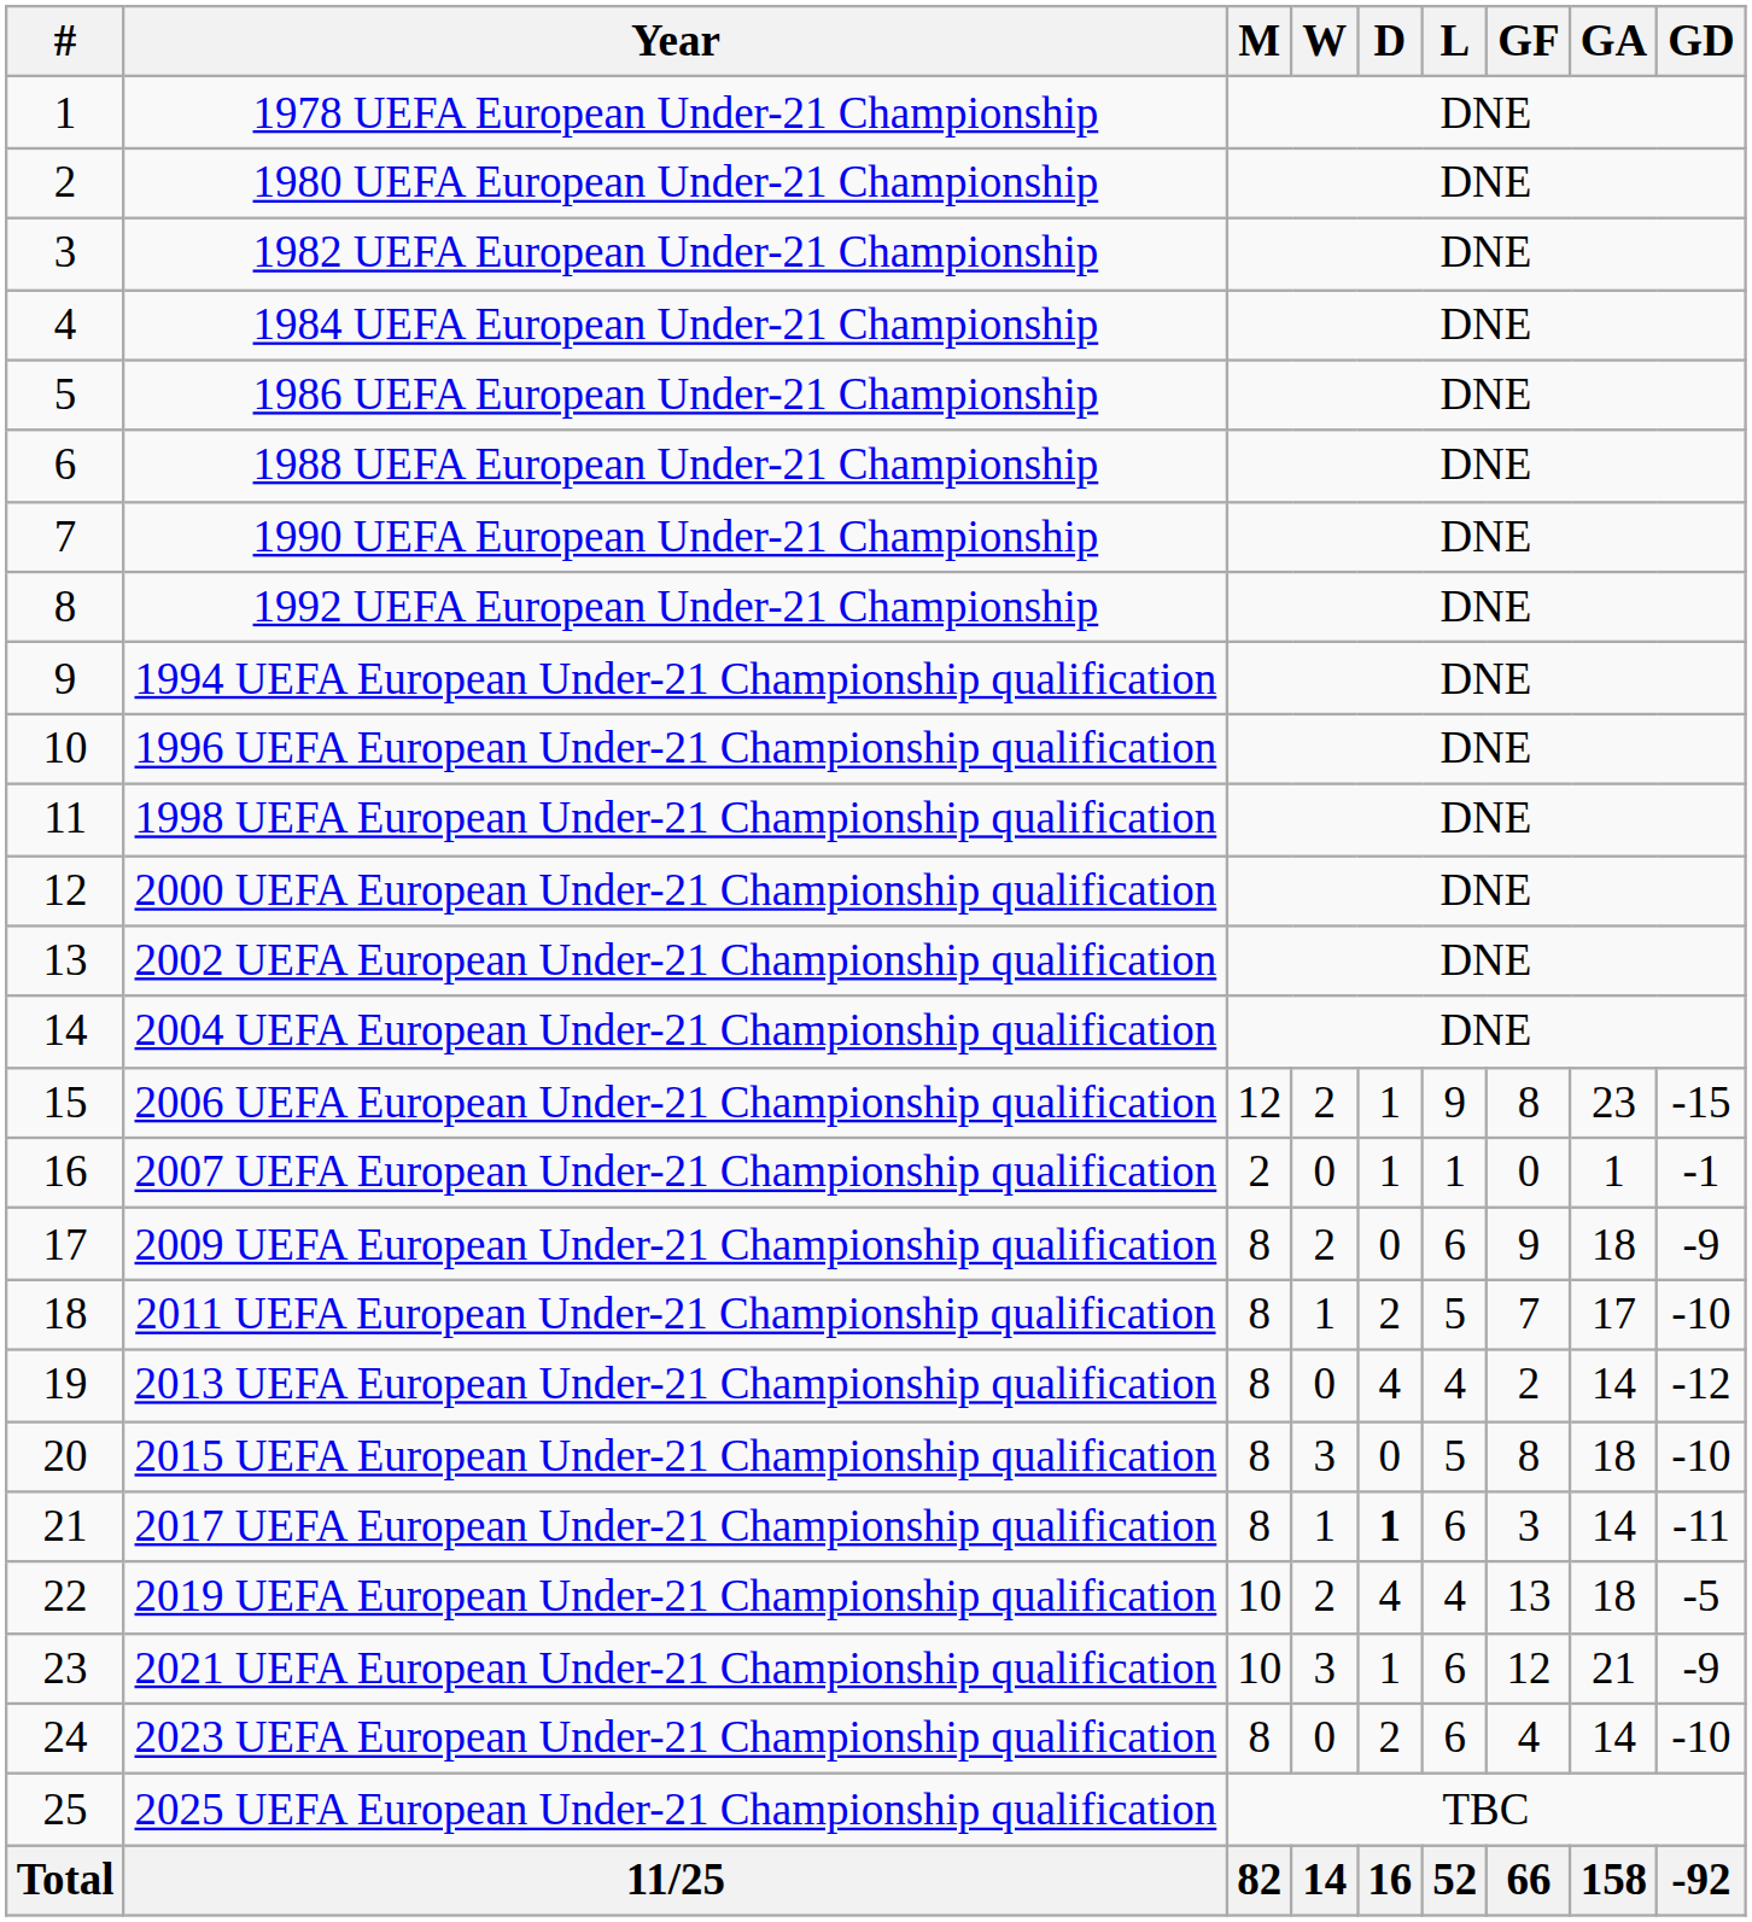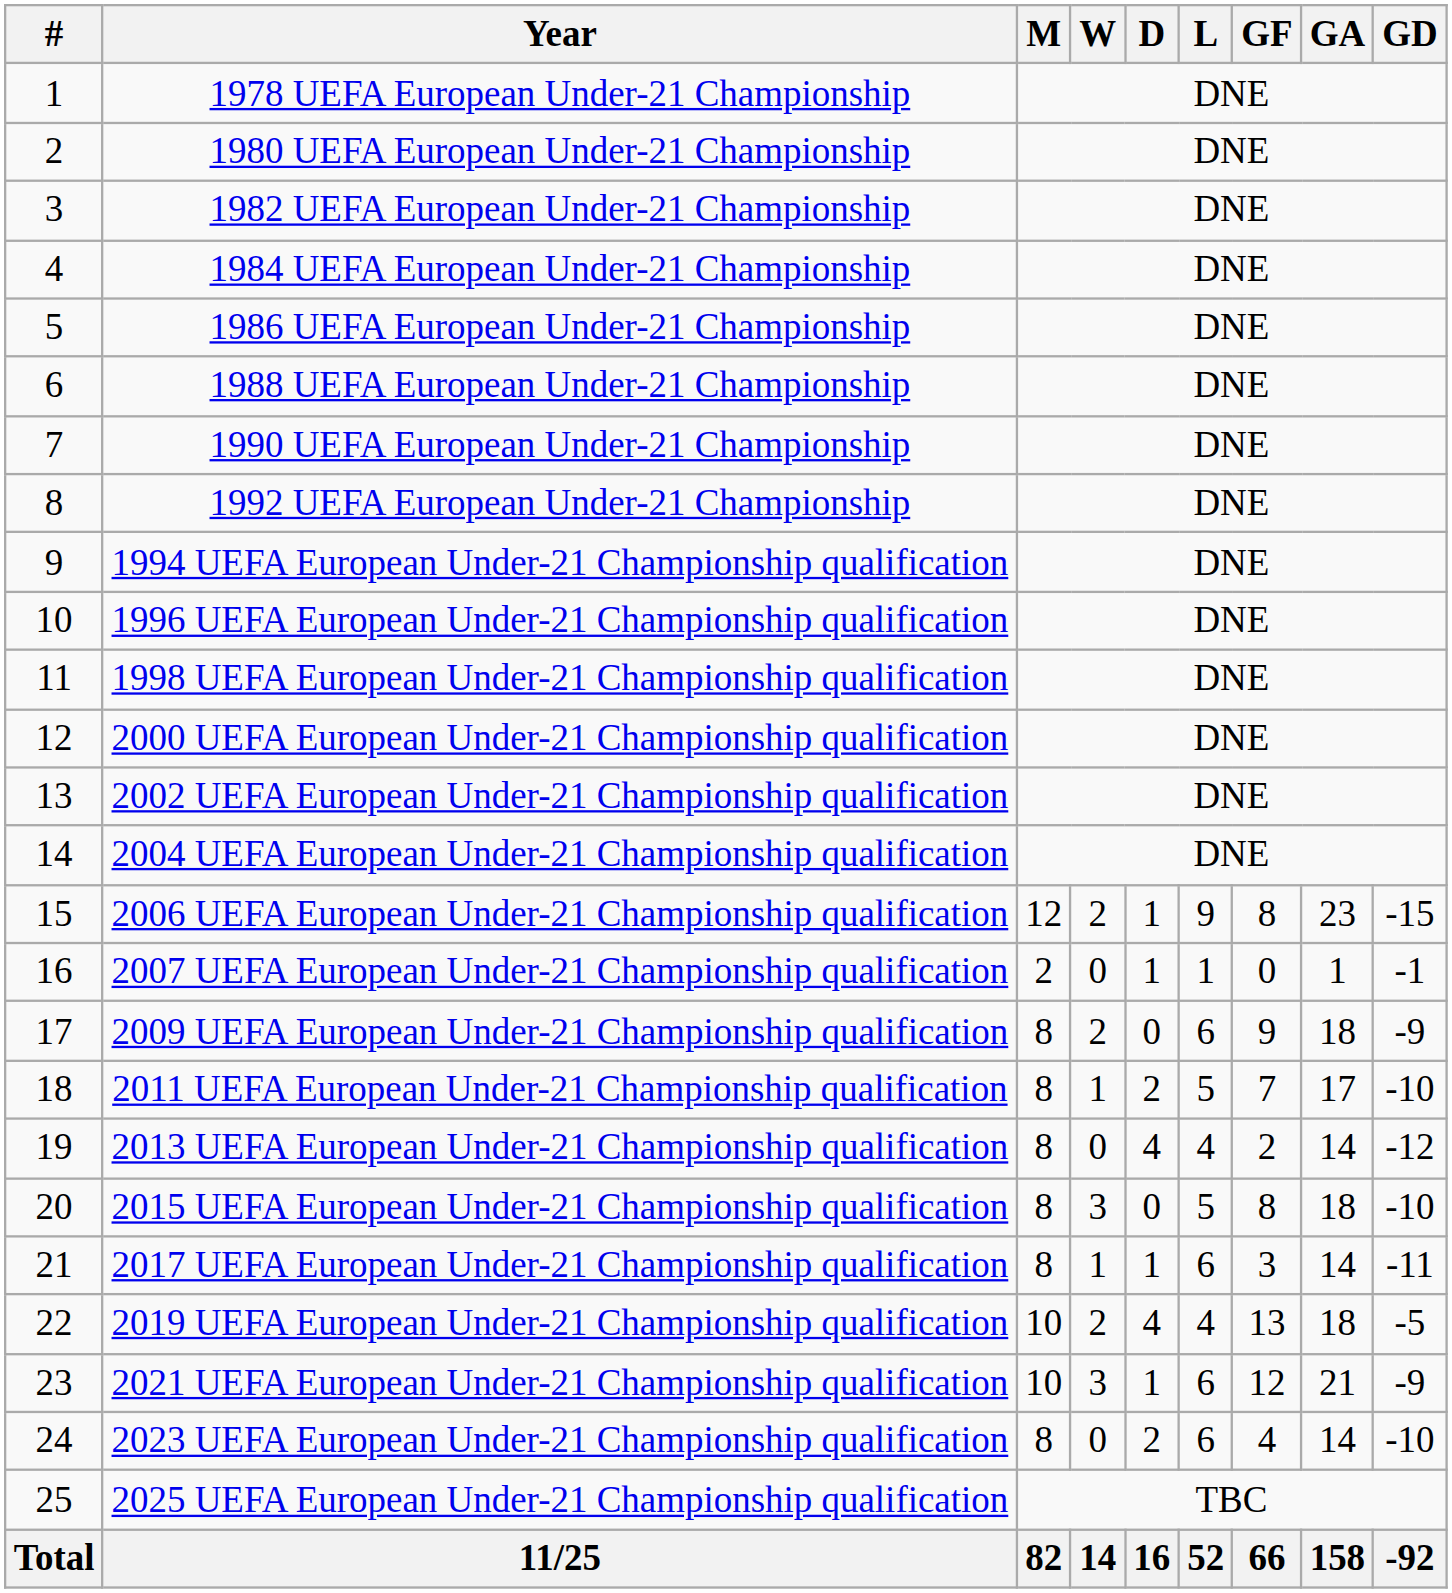 <table class="wikitable sortable" style="text-align:center">
 <tr>
 <th>#</th>
 <th>Year</th>
 <th>M</th>
 <th>W</th>
 <th>D</th>
 <th>L</th>
 <th>GF</th>
 <th>GA</th>
 <th>GD</th>
 </tr>
 <tr>
 <td>1</td>
 <td><a href='#'>1978 UEFA European Under-21 Championship</a></td>
 <td colspan=7>DNE</td>
 </tr>
 <tr>
 <td>2</td>
 <td><a href='#'>1980 UEFA European Under-21 Championship</a></td>
 <td colspan=7>DNE</td>
 </tr>
 <tr>
 <td>3</td>
 <td><a href='#'>1982 UEFA European Under-21 Championship</a></td>
 <td colspan=7>DNE</td>
 </tr>
 <tr>
 <td>4</td>
 <td><a href='#'>1984 UEFA European Under-21 Championship</a></td>
 <td colspan=7>DNE</td>
 </tr>
 <tr>
 <td>5</td>
 <td><a href='#'>1986 UEFA European Under-21 Championship</a></td>
 <td colspan=7>DNE</td>
 </tr>
 <tr>
 <td>6</td>
 <td><a href='#'>1988 UEFA European Under-21 Championship</a></td>
 <td colspan=7>DNE</td>
 </tr>
 <tr>
 <td>7</td>
 <td><a href='#'>1990 UEFA European Under-21 Championship</a></td>
 <td colspan=7>DNE</td>
 </tr>
 <tr>
 <td>8</td>
 <td><a href='#'>1992 UEFA European Under-21 Championship</a></td>
 <td colspan=7>DNE</td>
 </tr>
 <tr>
 <td>9</td>
 <td><a href='#'>1994 UEFA European Under-21 Championship qualification</a></td>
 <td colspan=7>DNE</td>
 </tr>
 <tr>
 <td>10</td>
 <td><a href='#'>1996 UEFA European Under-21 Championship qualification</a></td>
 <td colspan=7>DNE</td>
 </tr>
 <tr>
 <td>11</td>
 <td><a href='#'>1998 UEFA European Under-21 Championship qualification</a></td>
 <td colspan=7>DNE</td>
 </tr>
 <tr>
 <td>12</td>
 <td><a href='#'>2000 UEFA European Under-21 Championship qualification</a></td>
 <td colspan=7>DNE</td>
 </tr>
 <tr>
 <td>13</td>
 <td><a href='#'>2002 UEFA European Under-21 Championship qualification</a></td>
 <td colspan=7>DNE</td>
 </tr>
 <tr>
 <td>14</td>
 <td><a href='#'>2004 UEFA European Under-21 Championship qualification</a></td>
 <td colspan=7>DNE</td>
 </tr>
 <tr>
 <td>15</td>
 <td><a href='#'>2006 UEFA European Under-21 Championship qualification</a></td>
 <td>12</td>
 <td>2</td>
 <td>1</td>
 <td>9</td>
 <td>8</td>
 <td>23</td>
 <td>-15</td>
 </tr>
 <tr>
 <td>16</td>
 <td><a href='#'>2007 UEFA European Under-21 Championship qualification</a></td>
 <td>2</td>
 <td>0</td>
 <td>1</td>
 <td>1</td>
 <td>0</td>
 <td>1</td>
 <td>-1</td>
 </tr>
 <tr>
 <td>17</td>
 <td><a href='#'>2009 UEFA European Under-21 Championship qualification</a></td>
 <td>8</td>
 <td>2</td>
 <td>0</td>
 <td>6</td>
 <td>9</td>
 <td>18</td>
 <td>-9</td>
 </tr>
 <tr>
 <td>18</td>
 <td><a href='#'>2011 UEFA European Under-21 Championship qualification</a></td>
 <td>8</td>
 <td>1</td>
 <td>2</td>
 <td>5</td>
 <td>7</td>
 <td>17</td>
 <td>-10</td>
 </tr>
 <tr>
 <td>19</td>
 <td><a href='#'>2013 UEFA European Under-21 Championship qualification</a></td>
 <td>8</td>
 <td>0</td>
 <td>4</td>
 <td>4</td>
 <td>2</td>
 <td>14</td>
 <td>-12</td>
 </tr>
 <tr>
 <td>20</td>
 <td><a href='#'>2015 UEFA European Under-21 Championship qualification</a></td>
 <td>8</td>
 <td>3</td>
 <td>0</td>
 <td>5</td>
 <td>8</td>
 <td>18</td>
 <td>-10</td>
 </tr>
 <tr>
 <td>21</td>
 <td><a href='#'>2017 UEFA European Under-21 Championship qualification</a></td>
 <td>8</td>
 <td>1</td>
-<td><strong>1</strong></td>
+<td>1</td>
 <td>6</td>
 <td>3</td>
 <td>14</td>
 <td>-11</td>
 </tr>
 <tr>
 <td>22</td>
 <td><a href='#'>2019 UEFA European Under-21 Championship qualification</a></td>
 <td>10</td>
 <td>2</td>
 <td>4</td>
 <td>4</td>
 <td>13</td>
 <td>18</td>
 <td>-5</td>
 </tr>
 <tr>
 <td>23</td>
 <td><a href='#'>2021 UEFA European Under-21 Championship qualification</a></td>
 <td>10</td>
 <td>3</td>
 <td>1</td>
 <td>6</td>
 <td>12</td>
 <td>21</td>
 <td>-9</td>
 </tr>
 <tr>
 <td>24</td>
 <td><a href='#'>2023 UEFA European Under-21 Championship qualification</a></td>
 <td>8</td>
 <td>0</td>
 <td>2</td>
 <td>6</td>
 <td>4</td>
 <td>14</td>
 <td>-10</td>
 </tr>
 <tr>
 <td>25</td>
 <td><a href='#'>2025 UEFA European Under-21 Championship qualification</a></td>
 <td colspan=7>TBC</td>
 </tr>
 <tr>
 <th><strong>Total</strong></th>
 <th>11/25</th>
 <th>82</th>
 <th>14</th>
 <th>16</th>
 <th>52</th>
 <th>66</th>
 <th>158</th>
 <th>-92</th>
 </tr>
 </table>
